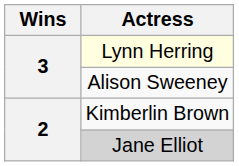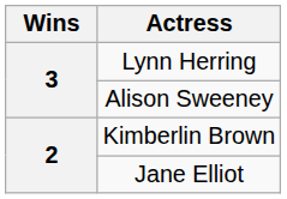 <table class="wikitable plainrowheaders sortable" style="text-align:center;">
 <tr>
 <th scope="col" width="55">Wins</th>
 <th scope="col" class="unsortable">Actress</th>
 </tr>
 <tr>
 <th scope="row" rowspan=2 style="text-align:center">3</th>
-<td style="background: lightyellow;">Lynn Herring</td>
+<td>Lynn Herring</td>
 </tr>
 <tr>
 <td>Alison Sweeney</td>
 </tr>
 <tr>
 <th scope="row" rowspan=2 style="text-align:center">2</th>
 <td>Kimberlin Brown</td>
 </tr>
 <tr>
-<td style="background: lightgrey;">Jane Elliot</td>
+<td>Jane Elliot</td>
 </tr>
 </table>
